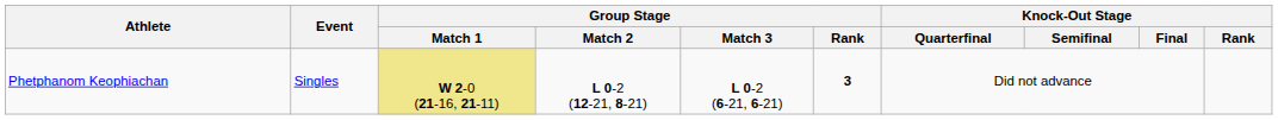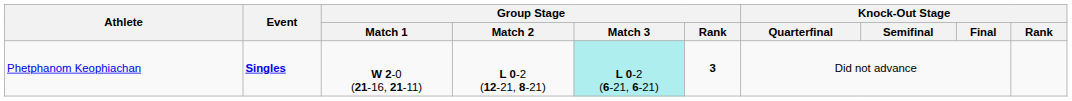 <table class="wikitable" width="85%" style="text-align:left; font-size:90%">
 <tr>
 <th rowspan=2>Athlete</th>
 <th rowspan=2>Event</th>
 <th colspan=4>Group Stage</th>
 <th colspan=4>Knock-Out Stage</th>
 </tr>
 <tr>
 <th>Match 1</th>
 <th>Match 2</th>
 <th>Match 3</th>
 <th>Rank</th>
 <th>Quarterfinal</th>
 <th>Semifinal</th>
 <th>Final</th>
 <th>Rank</th>
 </tr>
 <tr>
 <td><a href='#'>Phetphanom Keophiachan</a></td>
-<td><a href='#'>Singles</a></td>
-<td align=center style="background: khaki;"> <br><br><strong>W</strong> <strong>2</strong>-0 <br> (<strong>21</strong>-16, <strong>21</strong>-11)</td>
+<td><strong><a href='#'>Singles</a></strong></td>
+<td align=center> <br><br><strong>W</strong> <strong>2</strong>-0 <br> (<strong>21</strong>-16, <strong>21</strong>-11)</td>
 <td align=center> <br><br><strong>L</strong> <strong>0</strong>-2 <br> (<strong>12</strong>-21, <strong>8</strong>-21)</td>
-<td align=center> <br><br><strong>L</strong> <strong>0</strong>-2 <br> (<strong>6</strong>-21, <strong>6</strong>-21)</td>
+<td align=center style="background: paleturquoise;"> <br><br><strong>L</strong> <strong>0</strong>-2 <br> (<strong>6</strong>-21, <strong>6</strong>-21)</td>
 <td align=center><strong>3</strong></td>
 <td colspan="3" align=center>Did not advance</td>
 <td></td>
 </tr>
 </table>
